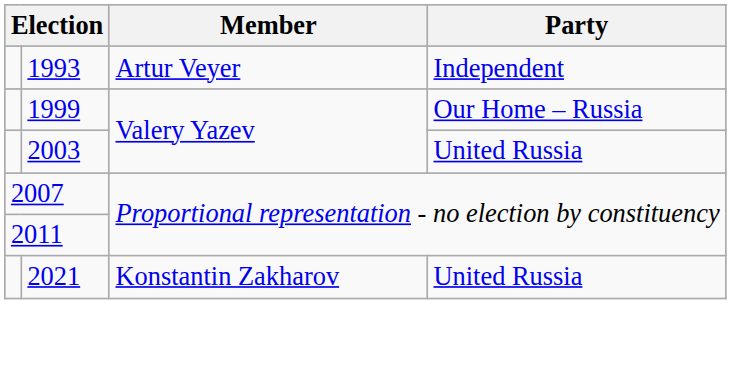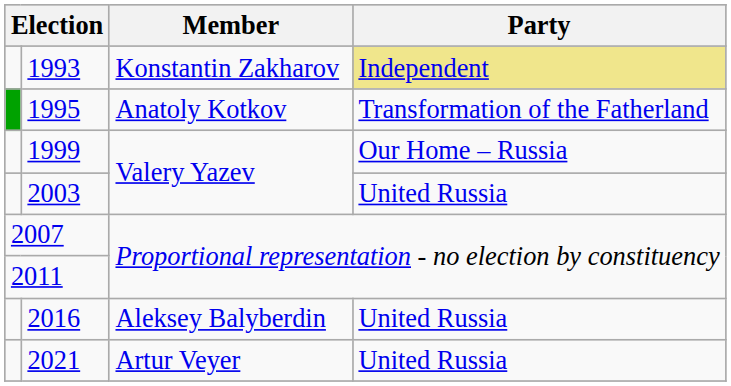 <table class="wikitable">
 <tr>
 <th colspan="2">Election</th>
 <th>Member</th>
 <th>Party</th>
 </tr>
 <tr>
 <td style="background-color:"></td>
 <td><a href='#'>1993</a></td>
-<td><a href='#'>Artur Veyer</a></td>
-<td><a href='#'>Independent</a></td>
+<td><a href='#'>Konstantin Zakharov</a></td>
+<td style="background: khaki;"><a href='#'>Independent</a></td>
+</tr>
+<tr>
+<td style="background-color:#00A200"></td>
+<td><a href='#'>1995</a></td>
+<td><a href='#'>Anatoly Kotkov</a></td>
+<td><a href='#'>Transformation of the Fatherland</a></td>
 </tr>
 <tr>
 <td style="background-color:"></td>
 <td><a href='#'>1999</a></td>
 <td rowspan=2><a href='#'>Valery Yazev</a></td>
 <td><a href='#'>Our Home – Russia</a></td>
 </tr>
 <tr>
 <td style="background-color:"></td>
 <td><a href='#'>2003</a></td>
 <td><a href='#'>United Russia</a></td>
 </tr>
 <tr>
 <td colspan=2><a href='#'>2007</a></td>
 <td colspan=2 rowspan=2><em><a href='#'>Proportional representation</a> - no election by constituency</em></td>
 </tr>
 <tr>
 <td colspan=2><a href='#'>2011</a></td>
 </tr>
 <tr>
 <td style="background-color: "></td>
+<td><a href='#'>2016</a></td>
+<td><a href='#'>Aleksey Balyberdin</a></td>
+<td><a href='#'>United Russia</a></td>
+</tr>
+<tr>
+<td style="background-color: "></td>
 <td><a href='#'>2021</a></td>
-<td><a href='#'>Konstantin Zakharov</a></td>
+<td><a href='#'>Artur Veyer</a></td>
 <td><a href='#'>United Russia</a></td>
 </tr>
 </table>
